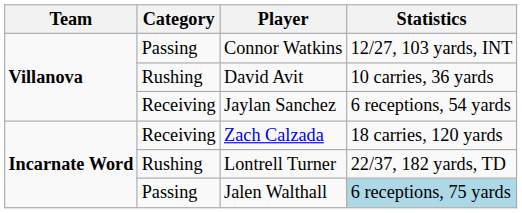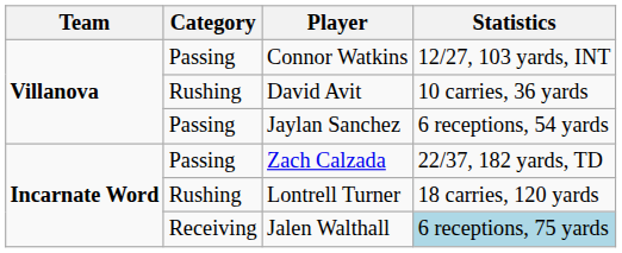 <table class="wikitable" style="float: right;">
 <tr>
 <th>Team</th>
 <th>Category</th>
 <th>Player</th>
 <th>Statistics</th>
 </tr>
 <tr>
 <td rowspan=3><strong>Villanova</strong></td>
 <td>Passing</td>
 <td>Connor Watkins</td>
 <td>12/27, 103 yards, INT</td>
 </tr>
 <tr>
 <td>Rushing</td>
 <td>David Avit</td>
 <td>10 carries, 36 yards</td>
 </tr>
 <tr>
-<td>Receiving</td>
+<td>Passing</td>
 <td>Jaylan Sanchez</td>
 <td>6 receptions, 54 yards</td>
 </tr>
 <tr>
 <td rowspan=3><strong>Incarnate Word</strong></td>
-<td>Receiving</td>
+<td>Passing</td>
 <td><a href='#'>Zach Calzada</a></td>
-<td>18 carries, 120 yards</td>
+<td>22/37, 182 yards, TD</td>
 </tr>
 <tr>
 <td>Rushing</td>
 <td>Lontrell Turner</td>
-<td>22/37, 182 yards, TD</td>
+<td>18 carries, 120 yards</td>
 </tr>
 <tr>
-<td>Passing</td>
+<td>Receiving</td>
 <td>Jalen Walthall</td>
 <td style="background: lightblue;">6 receptions, 75 yards</td>
 </tr>
 </table>
